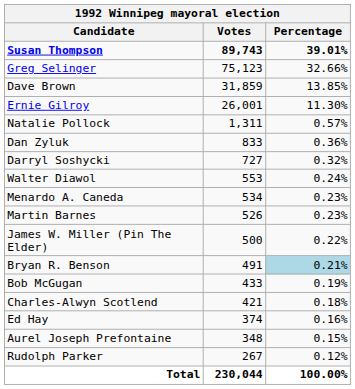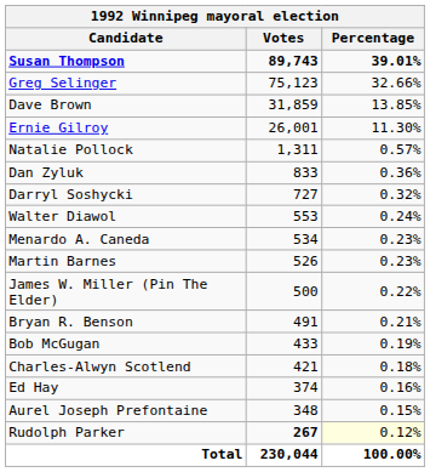 <table class="wikitable" style="font-size: 95%;">
 <tr style="background-color:#E9E9E9">
 <th colspan="3">1992 Winnipeg mayoral election</th>
 </tr>
 <tr bgcolor="#EEEEEE" align="center">
 <th style="width: 17em">Candidate</th>
 <th style="width: 5em">Votes</th>
 <th style="width: 7em">Percentage</th>
 </tr>
 <tr>
 <td><strong><a href='#'>Susan Thompson</a></strong></td>
 <td align="right"><strong>89,743</strong></td>
 <td align="right"><strong>39.01%</strong></td>
 </tr>
 <tr>
 <td><a href='#'>Greg Selinger</a></td>
 <td align="right">75,123</td>
 <td align="right">32.66%</td>
 </tr>
 <tr>
 <td>Dave Brown</td>
 <td align="right">31,859</td>
 <td align="right">13.85%</td>
 </tr>
 <tr>
 <td><a href='#'>Ernie Gilroy</a></td>
 <td align="right">26,001</td>
 <td align="right">11.30%</td>
 </tr>
 <tr>
 <td>Natalie Pollock</td>
 <td align="right">1,311</td>
 <td align="right">0.57%</td>
 </tr>
 <tr>
 <td>Dan Zyluk</td>
 <td align="right">833</td>
 <td align="right">0.36%</td>
 </tr>
 <tr>
 <td>Darryl Soshycki</td>
 <td align="right">727</td>
 <td align="right">0.32%</td>
 </tr>
 <tr>
 <td>Walter Diawol</td>
 <td align="right">553</td>
 <td align="right">0.24%</td>
 </tr>
 <tr>
 <td>Menardo A. Caneda</td>
 <td align="right">534</td>
 <td align="right">0.23%</td>
 </tr>
 <tr>
 <td>Martin Barnes</td>
 <td align="right">526</td>
 <td align="right">0.23%</td>
 </tr>
 <tr>
 <td>James W. Miller (Pin The Elder)</td>
 <td align="right">500</td>
 <td align="right">0.22%</td>
 </tr>
 <tr>
 <td>Bryan R. Benson</td>
 <td align="right">491</td>
-<td align="right" style="background: lightblue;">0.21%</td>
+<td align="right">0.21%</td>
 </tr>
 <tr>
 <td>Bob McGugan</td>
 <td align="right">433</td>
 <td align="right">0.19%</td>
 </tr>
 <tr>
 <td>Charles-Alwyn Scotlend</td>
 <td align="right">421</td>
 <td align="right">0.18%</td>
 </tr>
 <tr>
 <td>Ed Hay</td>
 <td align="right">374</td>
 <td align="right">0.16%</td>
 </tr>
 <tr>
 <td>Aurel Joseph Prefontaine</td>
 <td align="right">348</td>
 <td align="right">0.15%</td>
 </tr>
 <tr>
 <td>Rudolph Parker</td>
-<td align="right">267</td>
-<td align="right">0.12%</td>
+<td align="right"><strong>267</strong></td>
+<td align="right" style="background: lightyellow;">0.12%</td>
 </tr>
 <tr bgcolor="white">
 <td align="right"><strong>Total</strong></td>
 <td align="right"><strong>230,044</strong></td>
 <td align="right"><strong>100.00%</strong></td>
 </tr>
 </table>
